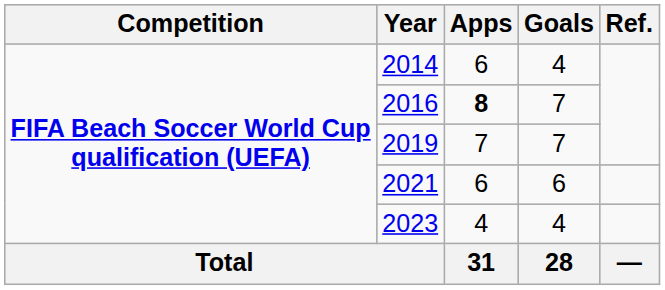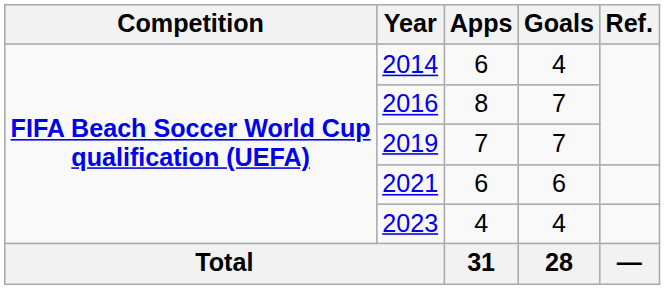 <table class="wikitable" style="text-align:center;">
 <tr>
 <th>Competition</th>
 <th>Year</th>
 <th>Apps</th>
 <th>Goals</th>
 <th>Ref.</th>
 </tr>
 <tr>
 <td rowspan="5"><strong><a href='#'>FIFA Beach Soccer World Cup<br>qualification (UEFA)</a></strong></td>
 <td> <a href='#'>2014</a></td>
 <td>6</td>
 <td>4</td>
 <td rowspan=3></td>
 </tr>
 <tr>
 <td> <a href='#'>2016</a></td>
-<td><strong>8</strong></td>
+<td>8</td>
 <td>7</td>
 </tr>
 <tr>
 <td> <a href='#'>2019</a></td>
 <td>7</td>
 <td>7</td>
 </tr>
 <tr>
 <td> <a href='#'>2021</a></td>
 <td>6</td>
 <td>6</td>
 <td></td>
 </tr>
 <tr>
 <td> <a href='#'>2023</a></td>
 <td>4</td>
 <td>4</td>
 <td></td>
 </tr>
 <tr>
 <th colspan=2>Total</th>
 <th>31</th>
 <th>28</th>
 <th>—</th>
 </tr>
 </table>
